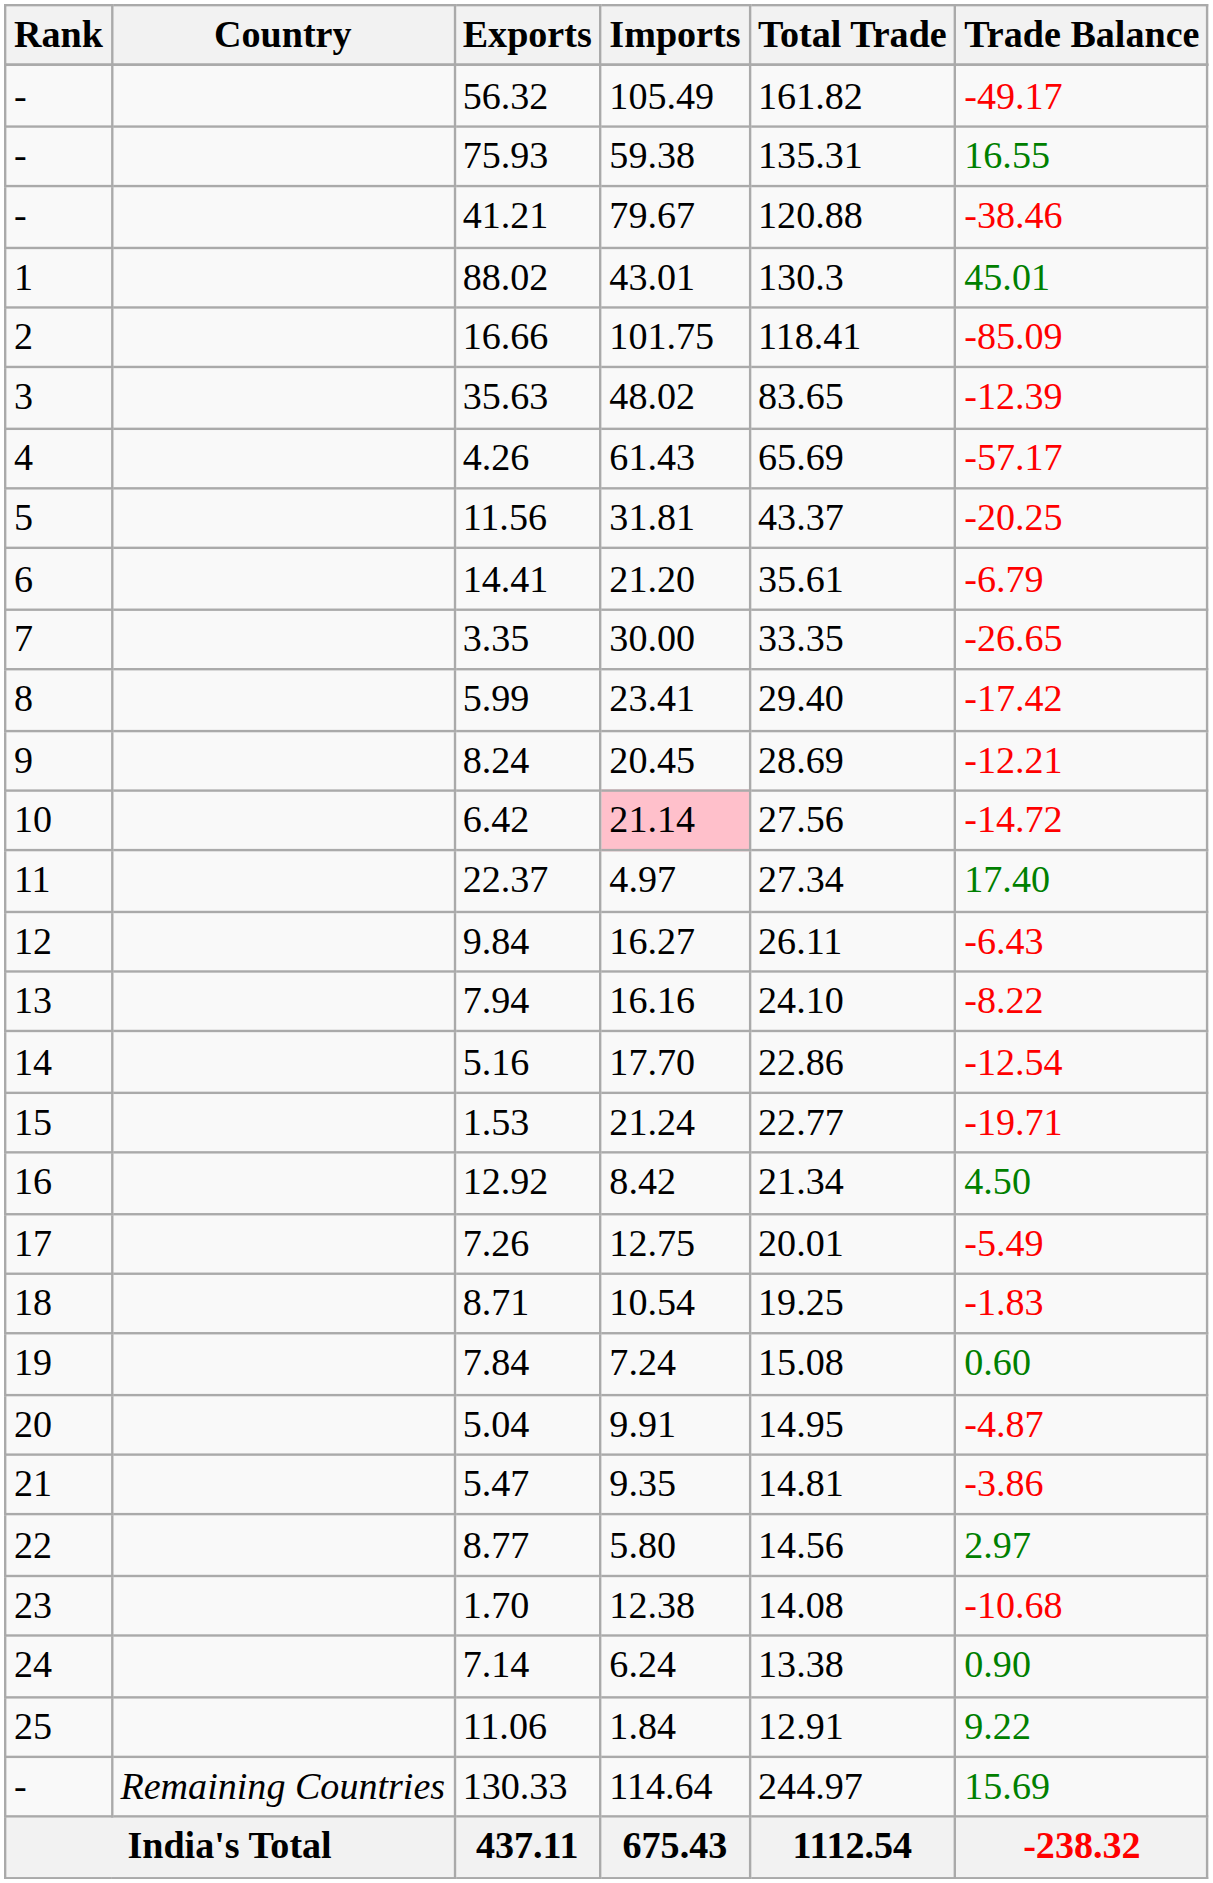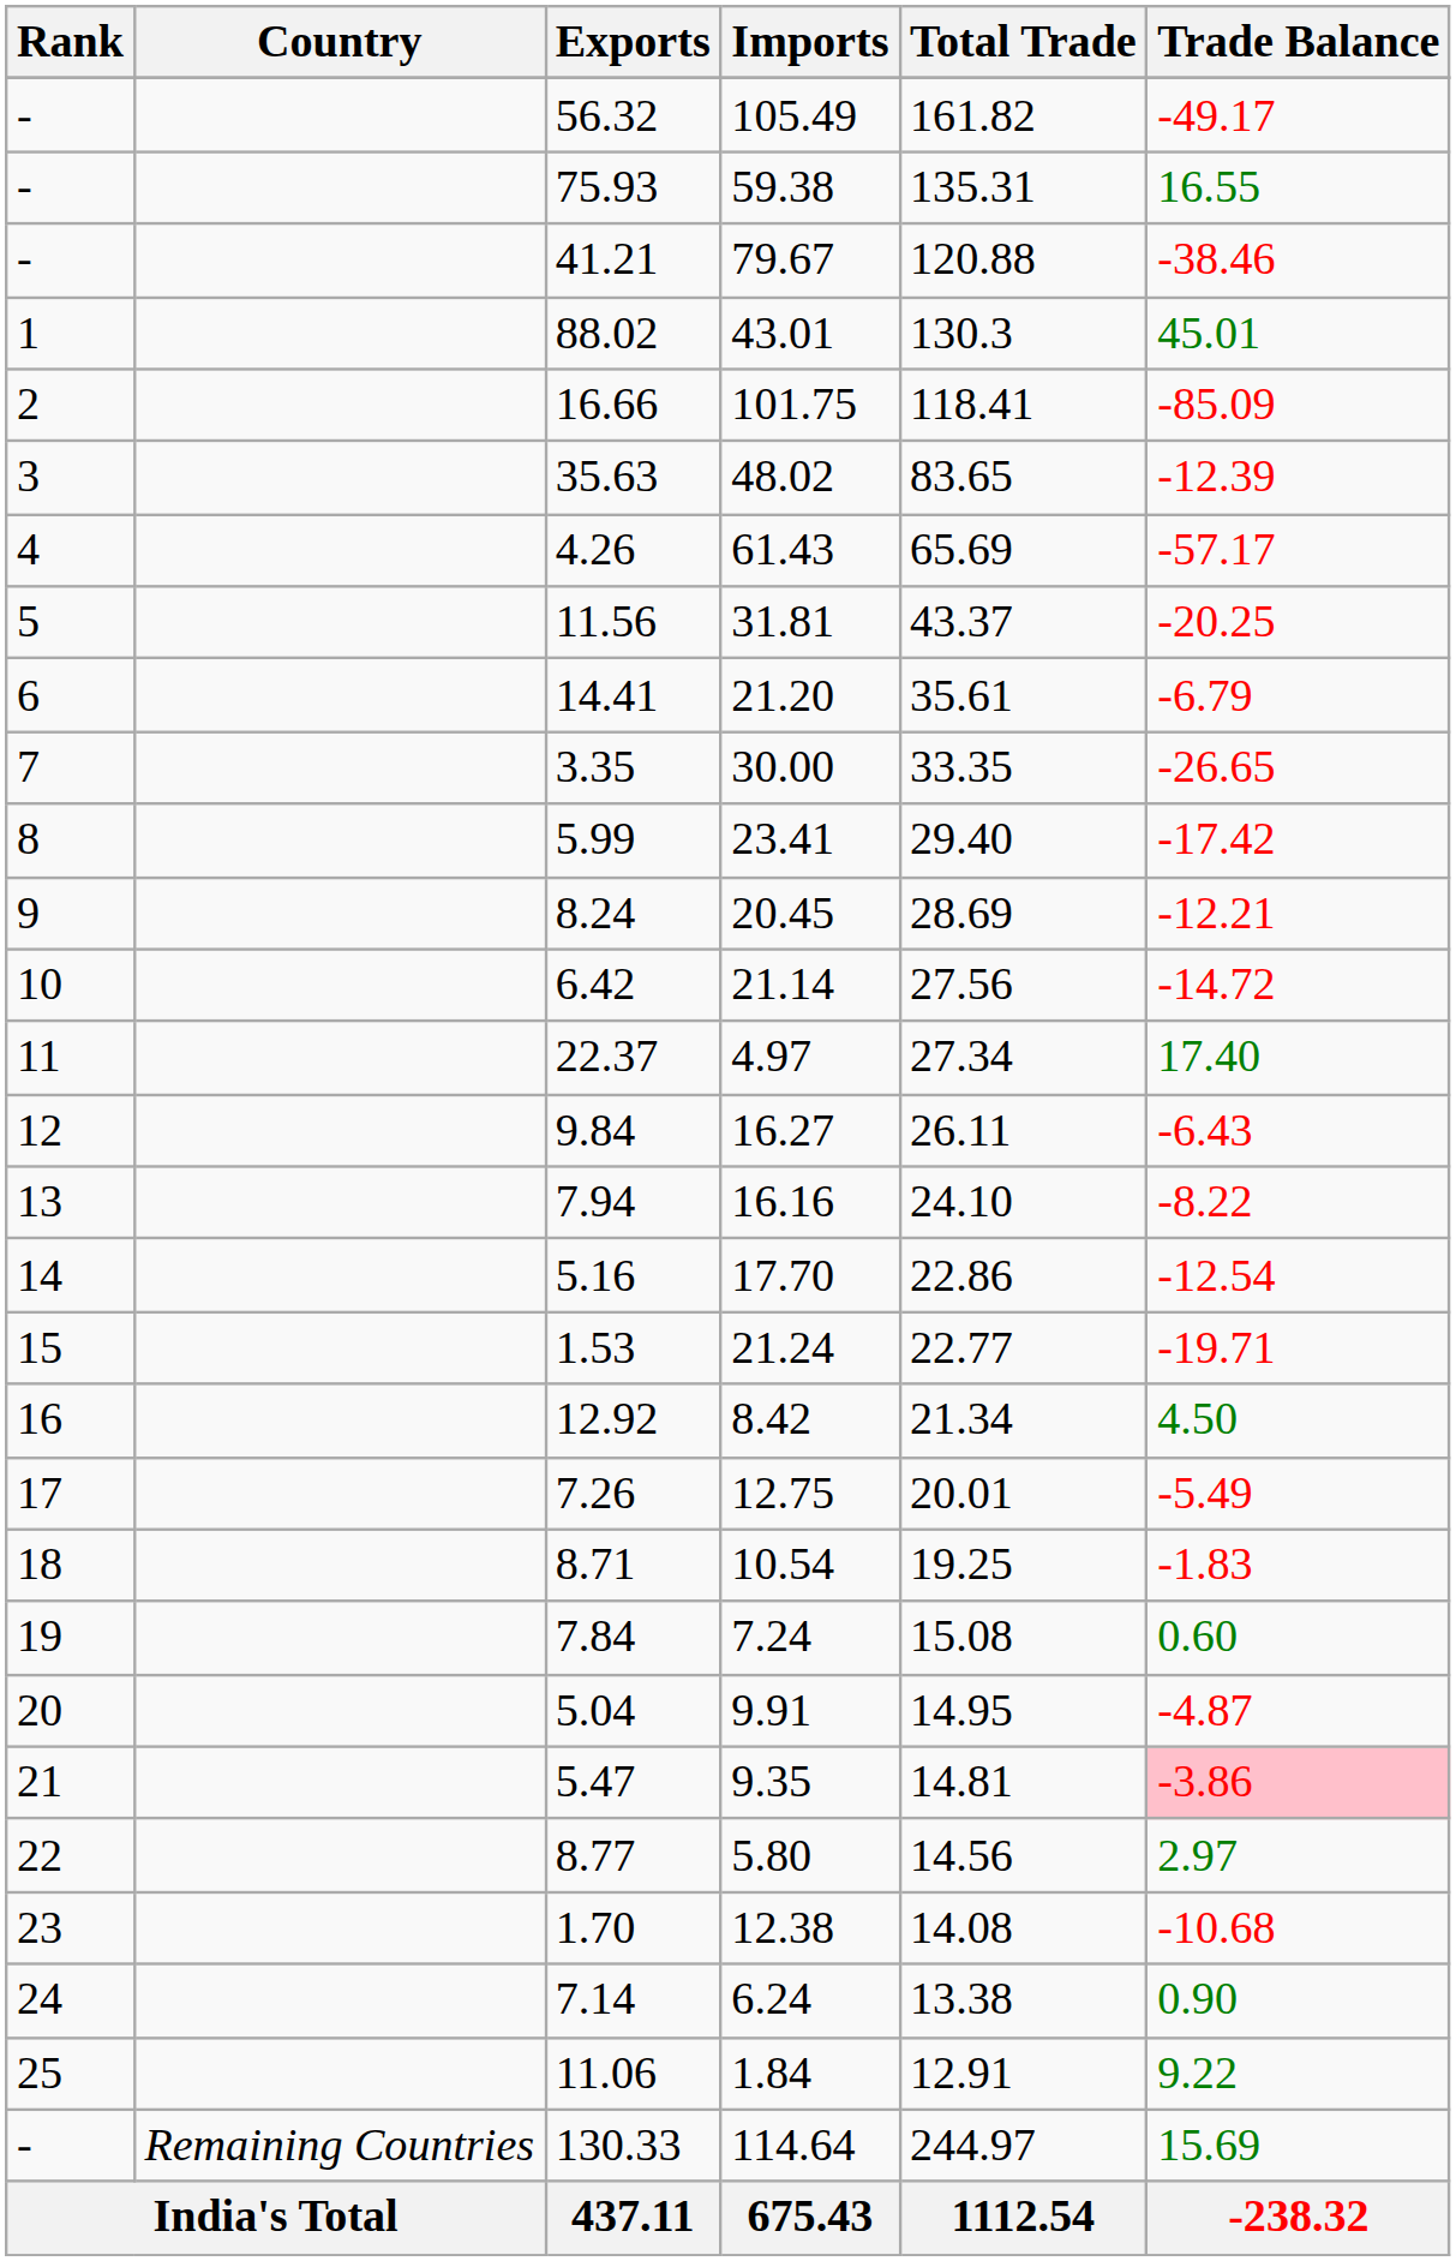 <table class="wikitable sortable">
 <tr>
 <th>Rank</th>
 <th>Country</th>
 <th>Exports</th>
 <th>Imports</th>
 <th>Total Trade</th>
 <th>Trade Balance</th>
 </tr>
 <tr>
 </tr>
 <tr>
 <td>-</td>
 <td></td>
 <td>56.32</td>
 <td>105.49</td>
 <td>161.82</td>
 <td style="color:red;">-49.17</td>
 </tr>
 <tr>
 <td>-</td>
 <td></td>
 <td>75.93</td>
 <td>59.38</td>
 <td>135.31</td>
 <td style="color:green;">16.55</td>
 </tr>
 <tr>
 <td>-</td>
 <td></td>
 <td>41.21</td>
 <td>79.67</td>
 <td>120.88</td>
 <td style="color:red;">-38.46</td>
 </tr>
 <tr>
 <td>1</td>
 <td></td>
 <td>88.02</td>
 <td>43.01</td>
 <td>130.3</td>
 <td style="color:green;">45.01</td>
 </tr>
 <tr>
 <td>2</td>
 <td></td>
 <td>16.66</td>
 <td>101.75</td>
 <td>118.41</td>
 <td style="color:red;">-85.09</td>
 </tr>
 <tr>
 <td>3</td>
 <td></td>
 <td>35.63</td>
 <td>48.02</td>
 <td>83.65</td>
 <td style="color:red;">-12.39</td>
 </tr>
 <tr>
 <td>4</td>
 <td></td>
 <td>4.26</td>
 <td>61.43</td>
 <td>65.69</td>
 <td style="color:red;">-57.17</td>
 </tr>
 <tr>
 <td>5</td>
 <td></td>
 <td>11.56</td>
 <td>31.81</td>
 <td>43.37</td>
 <td style="color:red;">-20.25</td>
 </tr>
 <tr>
 <td>6</td>
 <td></td>
 <td>14.41</td>
 <td>21.20</td>
 <td>35.61</td>
 <td style="color:red;">-6.79</td>
 </tr>
 <tr>
 <td>7</td>
 <td></td>
 <td>3.35</td>
 <td>30.00</td>
 <td>33.35</td>
 <td style="color:red;">-26.65</td>
 </tr>
 <tr>
 <td>8</td>
 <td></td>
 <td>5.99</td>
 <td>23.41</td>
 <td>29.40</td>
 <td style="color:red;">-17.42</td>
 </tr>
 <tr>
 <td>9</td>
 <td></td>
 <td>8.24</td>
 <td>20.45</td>
 <td>28.69</td>
 <td style="color:red;">-12.21</td>
 </tr>
 <tr>
 <td>10</td>
 <td></td>
 <td>6.42</td>
-<td style="background: pink;">21.14</td>
+<td>21.14</td>
 <td>27.56</td>
 <td style="color:red;">-14.72</td>
 </tr>
 <tr>
 <td>11</td>
 <td></td>
 <td>22.37</td>
 <td>4.97</td>
 <td>27.34</td>
 <td style="color:green;">17.40</td>
 </tr>
 <tr>
 <td>12</td>
 <td></td>
 <td>9.84</td>
 <td>16.27</td>
 <td>26.11</td>
 <td style="color:red;">-6.43</td>
 </tr>
 <tr>
 <td>13</td>
 <td></td>
 <td>7.94</td>
 <td>16.16</td>
 <td>24.10</td>
 <td style="color:red;">-8.22</td>
 </tr>
 <tr>
 <td>14</td>
 <td></td>
 <td>5.16</td>
 <td>17.70</td>
 <td>22.86</td>
 <td style="color:red;">-12.54</td>
 </tr>
 <tr>
 <td>15</td>
 <td></td>
 <td>1.53</td>
 <td>21.24</td>
 <td>22.77</td>
 <td style="color:red;">-19.71</td>
 </tr>
 <tr>
 <td>16</td>
 <td></td>
 <td>12.92</td>
 <td>8.42</td>
 <td>21.34</td>
 <td style="color:green;">4.50</td>
 </tr>
 <tr>
 <td>17</td>
 <td></td>
 <td>7.26</td>
 <td>12.75</td>
 <td>20.01</td>
 <td style="color:red;">-5.49</td>
 </tr>
 <tr>
 <td>18</td>
 <td></td>
 <td>8.71</td>
 <td>10.54</td>
 <td>19.25</td>
 <td style="color:red;">-1.83</td>
 </tr>
 <tr>
 <td>19</td>
 <td></td>
 <td>7.84</td>
 <td>7.24</td>
 <td>15.08</td>
 <td style="color:green;">0.60</td>
 </tr>
 <tr>
 <td>20</td>
 <td></td>
 <td>5.04</td>
 <td>9.91</td>
 <td>14.95</td>
 <td style="color:red;">-4.87</td>
 </tr>
 <tr>
 <td>21</td>
 <td></td>
 <td>5.47</td>
 <td>9.35</td>
 <td>14.81</td>
-<td style="color:red;">-3.86</td>
+<td style="background: pink; color:red;">-3.86</td>
 </tr>
 <tr>
 <td>22</td>
 <td></td>
 <td>8.77</td>
 <td>5.80</td>
 <td>14.56</td>
 <td style="color:green;">2.97</td>
 </tr>
 <tr>
 <td>23</td>
 <td></td>
 <td>1.70</td>
 <td>12.38</td>
 <td>14.08</td>
 <td style="color:red;">-10.68</td>
 </tr>
 <tr>
 <td>24</td>
 <td></td>
 <td>7.14</td>
 <td>6.24</td>
 <td>13.38</td>
 <td style="color:green;">0.90</td>
 </tr>
 <tr>
 <td>25</td>
 <td></td>
 <td>11.06</td>
 <td>1.84</td>
 <td>12.91</td>
 <td style="color:green;">9.22</td>
 </tr>
 <tr>
 <td>-</td>
 <td><em>Remaining Countries</em></td>
 <td>130.33</td>
 <td>114.64</td>
 <td>244.97</td>
 <td style="color:green;">15.69</td>
 </tr>
 <tr>
 <th colspan="2">India's Total</th>
 <th>437.11</th>
 <th>675.43</th>
 <th>1112.54</th>
 <th style="color:red;">-238.32</th>
 </tr>
 </table>
